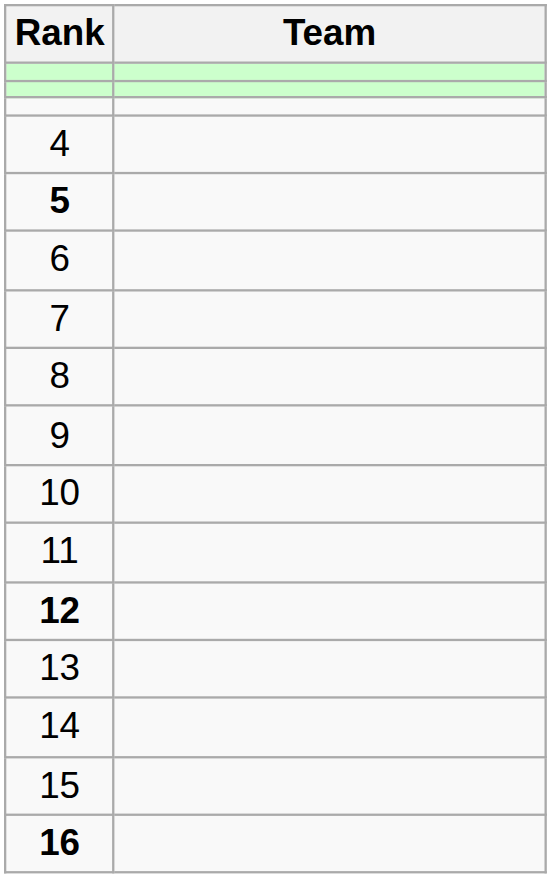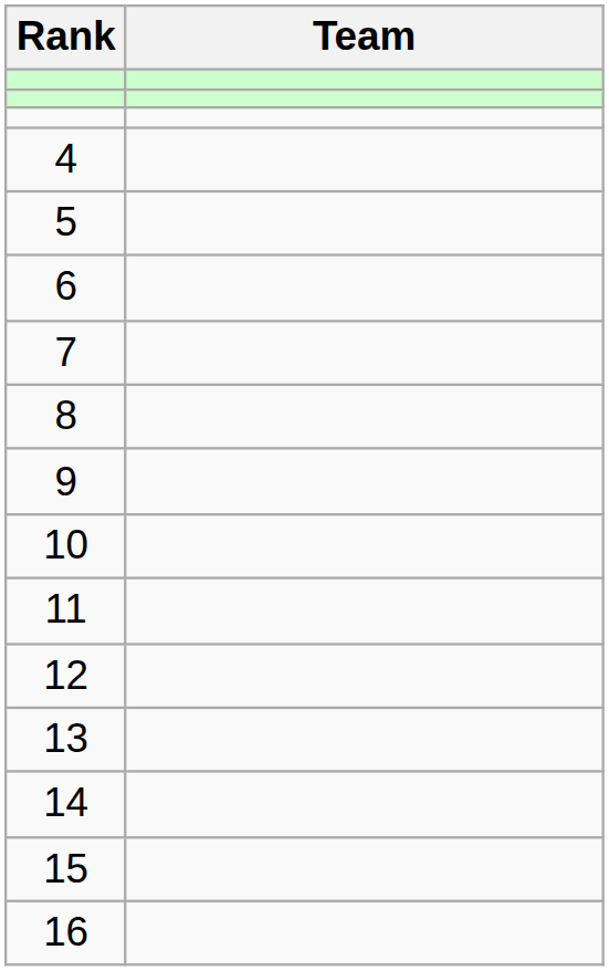 <table class="wikitable" style="text-align: center;">
 <tr>
 <th width=40>Rank</th>
 <th width=180>Team</th>
 </tr>
 <tr bgcolor=#CCFFCC>
 <td></td>
 <td style="text-align:left;"></td>
 </tr>
 <tr bgcolor=#CCFFCC>
 <td></td>
 <td style="text-align:left;"></td>
 </tr>
 <tr>
 <td></td>
 <td style="text-align:left;"></td>
 </tr>
 <tr>
 <td>4</td>
 <td style="text-align:left;"></td>
 </tr>
 <tr>
-<td><strong>5</strong></td>
+<td>5</td>
 <td style="text-align:left;"></td>
 </tr>
 <tr>
 <td>6</td>
 <td style="text-align:left;"></td>
 </tr>
 <tr>
 <td>7</td>
 <td style="text-align:left;"></td>
 </tr>
 <tr>
 <td>8</td>
 <td style="text-align:left;"></td>
 </tr>
 <tr>
 <td>9</td>
 <td style="text-align:left;"></td>
 </tr>
 <tr>
 <td>10</td>
 <td style="text-align:left;"></td>
 </tr>
 <tr>
 <td>11</td>
 <td style="text-align:left;"></td>
 </tr>
 <tr>
-<td><strong>12</strong></td>
+<td>12</td>
 <td style="text-align:left;"></td>
 </tr>
 <tr>
 <td>13</td>
 <td style="text-align:left;"></td>
 </tr>
 <tr>
 <td>14</td>
 <td style="text-align:left;"></td>
 </tr>
 <tr>
 <td>15</td>
 <td style="text-align:left;"></td>
 </tr>
 <tr>
-<td><strong>16</strong></td>
+<td>16</td>
 <td style="text-align:left;"></td>
 </tr>
 </table>
